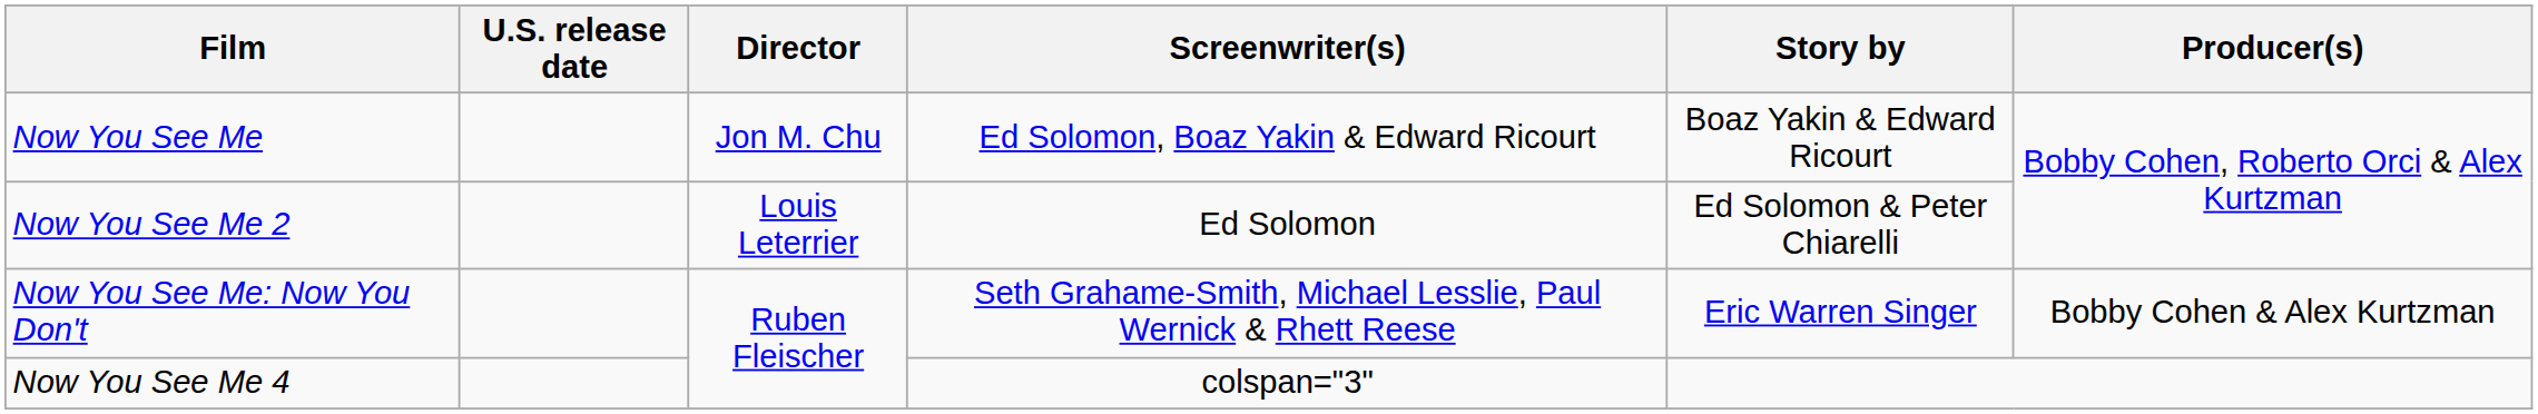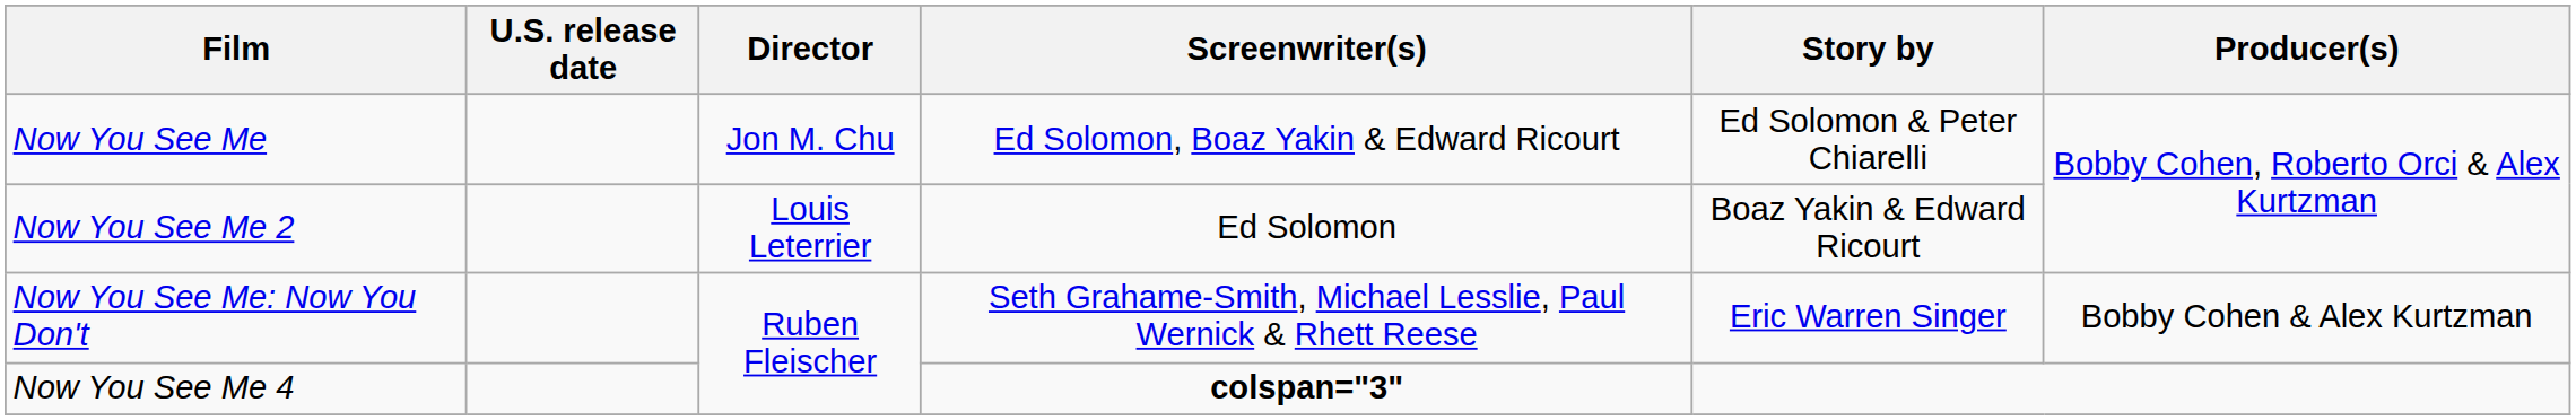 <table class="wikitable plainrowheaders" style="text-align:center">
 <tr>
 <th style="width:18%;">Film</th>
 <th>U.S. release date</th>
 <th>Director</th>
 <th>Screenwriter(s)</th>
 <th>Story by</th>
 <th>Producer(s)</th>
 </tr>
 <tr>
 <td style="text-align:left"><em><a href='#'>Now You See Me</a></em></td>
 <td style="text-align:left"></td>
 <td><a href='#'>Jon M. Chu</a></td>
 <td><a href='#'>Ed Solomon</a>, <a href='#'>Boaz Yakin</a> & Edward Ricourt</td>
-<td>Boaz Yakin & Edward Ricourt</td>
+<td>Ed Solomon & Peter Chiarelli</td>
 <td rowspan="2"><a href='#'>Bobby Cohen</a>, <a href='#'>Roberto Orci</a> & <a href='#'>Alex Kurtzman</a></td>
 </tr>
 <tr>
 <td style="text-align:left"><em><a href='#'>Now You See Me 2</a></em></td>
 <td style="text-align:left"></td>
 <td><a href='#'>Louis Leterrier</a></td>
 <td>Ed Solomon</td>
-<td>Ed Solomon & Peter Chiarelli</td>
+<td>Boaz Yakin & Edward Ricourt</td>
 </tr>
 <tr>
 <td style="text-align:left"><em><a href='#'>Now You See Me: Now You Don't</a></em></td>
 <td style="text-align:left"></td>
 <td rowspan="2"><a href='#'>Ruben Fleischer</a></td>
 <td><a href='#'>Seth Grahame-Smith</a>, <a href='#'>Michael Lesslie</a>, <a href='#'>Paul Wernick</a> & <a href='#'>Rhett Reese</a></td>
 <td><a href='#'>Eric Warren Singer</a></td>
 <td>Bobby Cohen & Alex Kurtzman</td>
 </tr>
 <tr>
 <td style="text-align:left"><em>Now You See Me 4</em></td>
 <td></td>
-<td>colspan="3" </td>
+<td><strong>colspan="3" </strong></td>
 </tr>
 </table>
